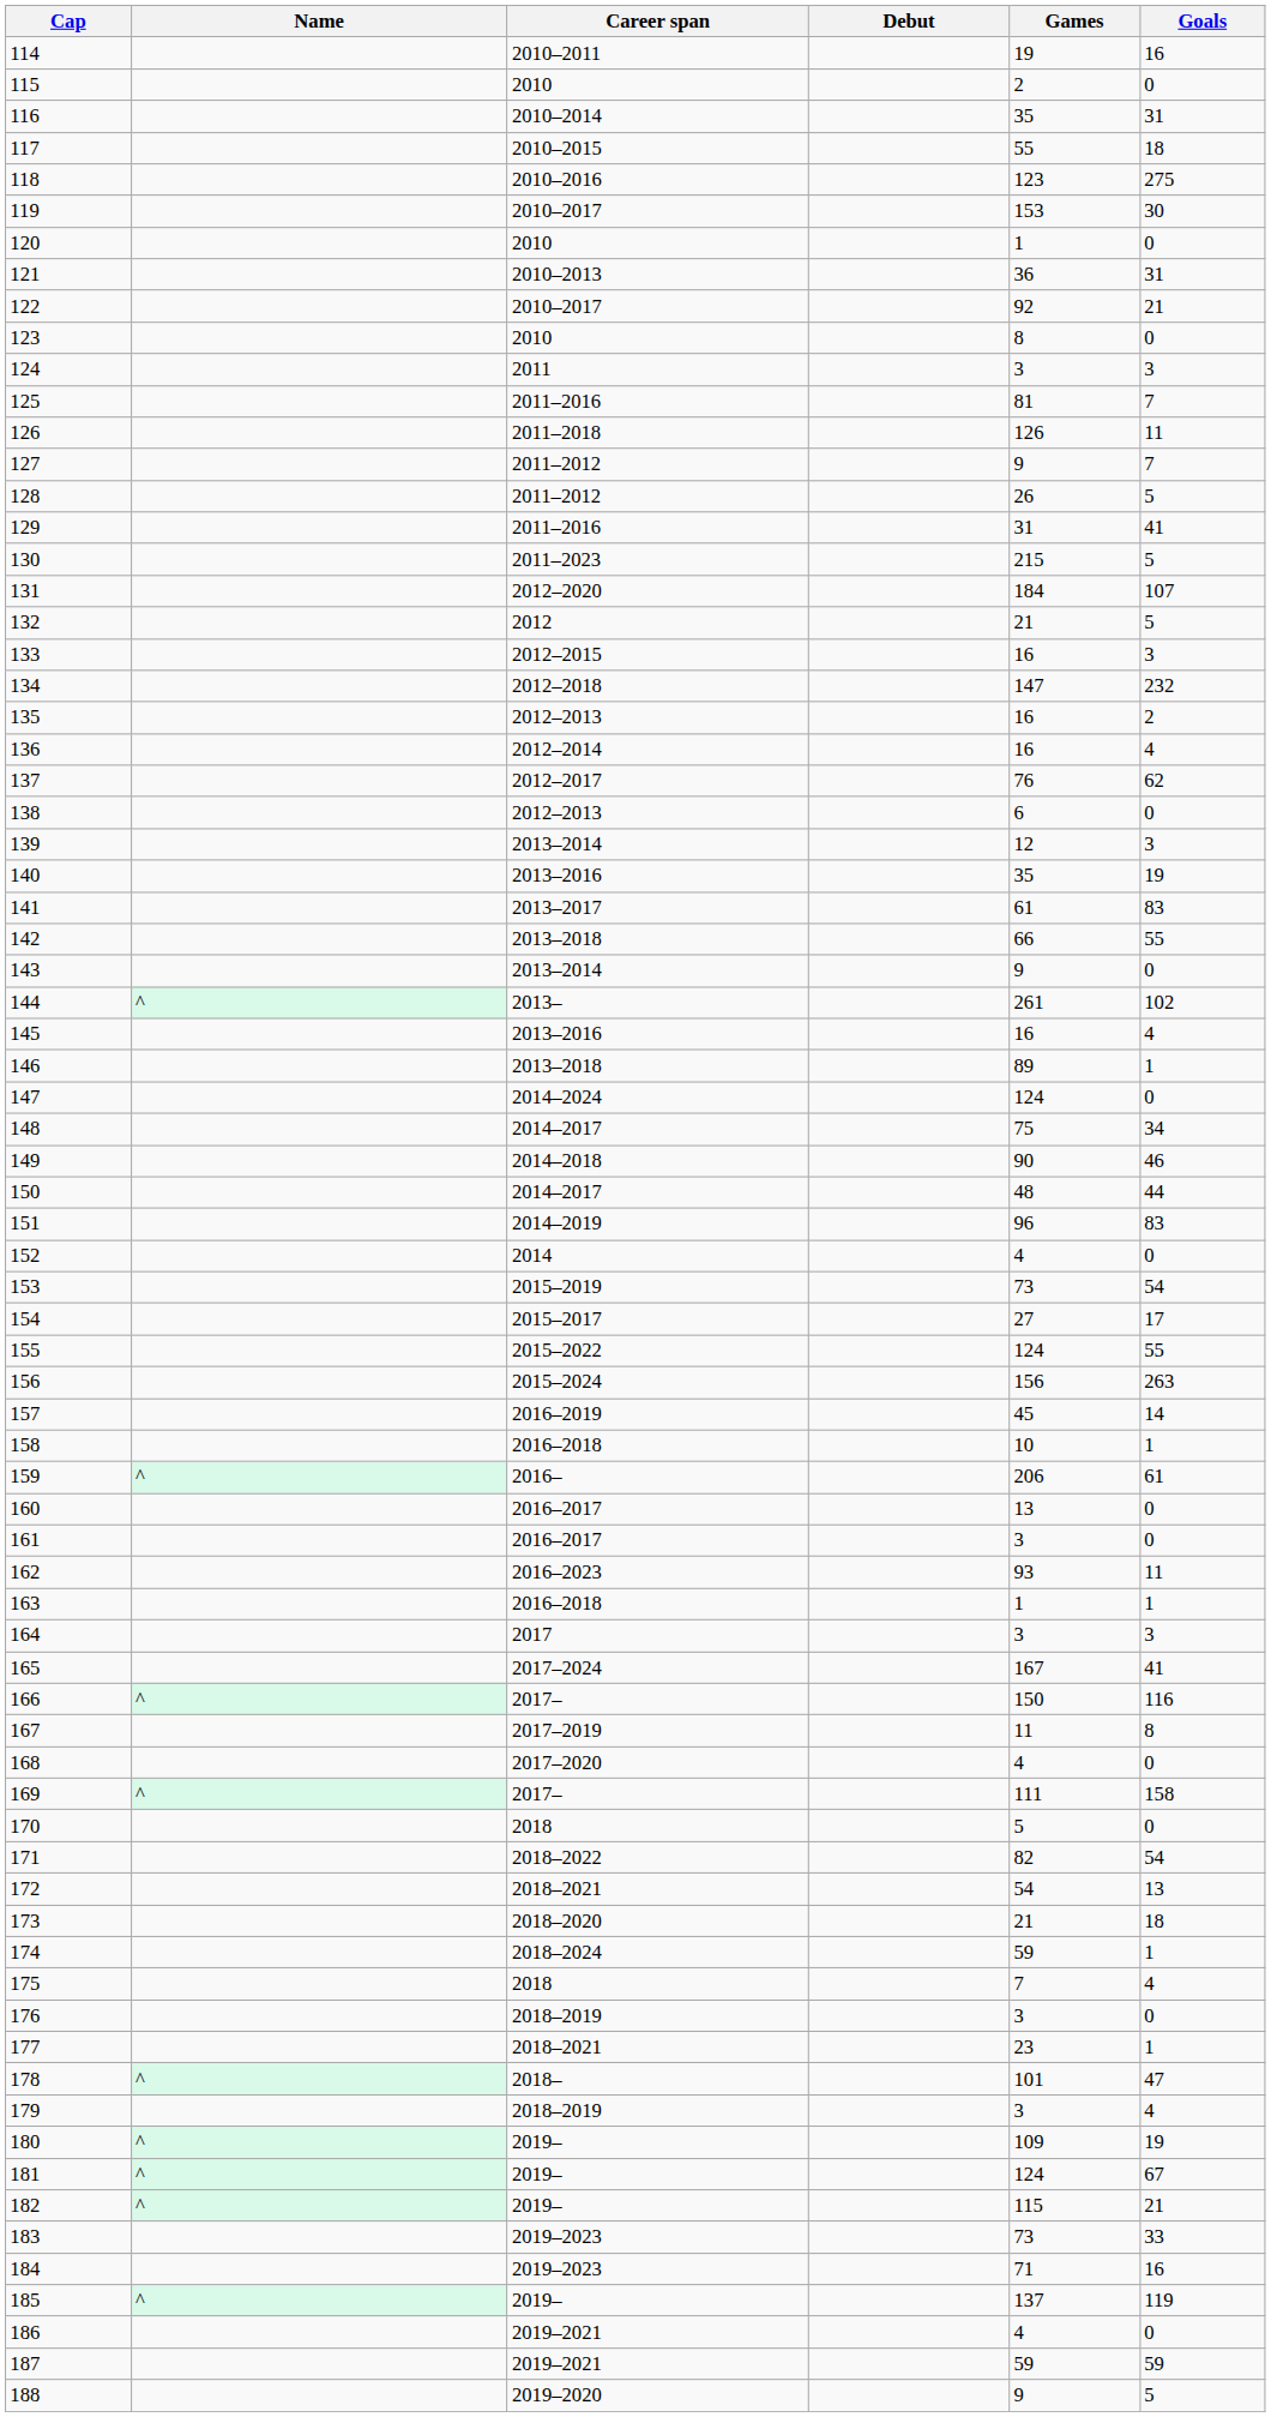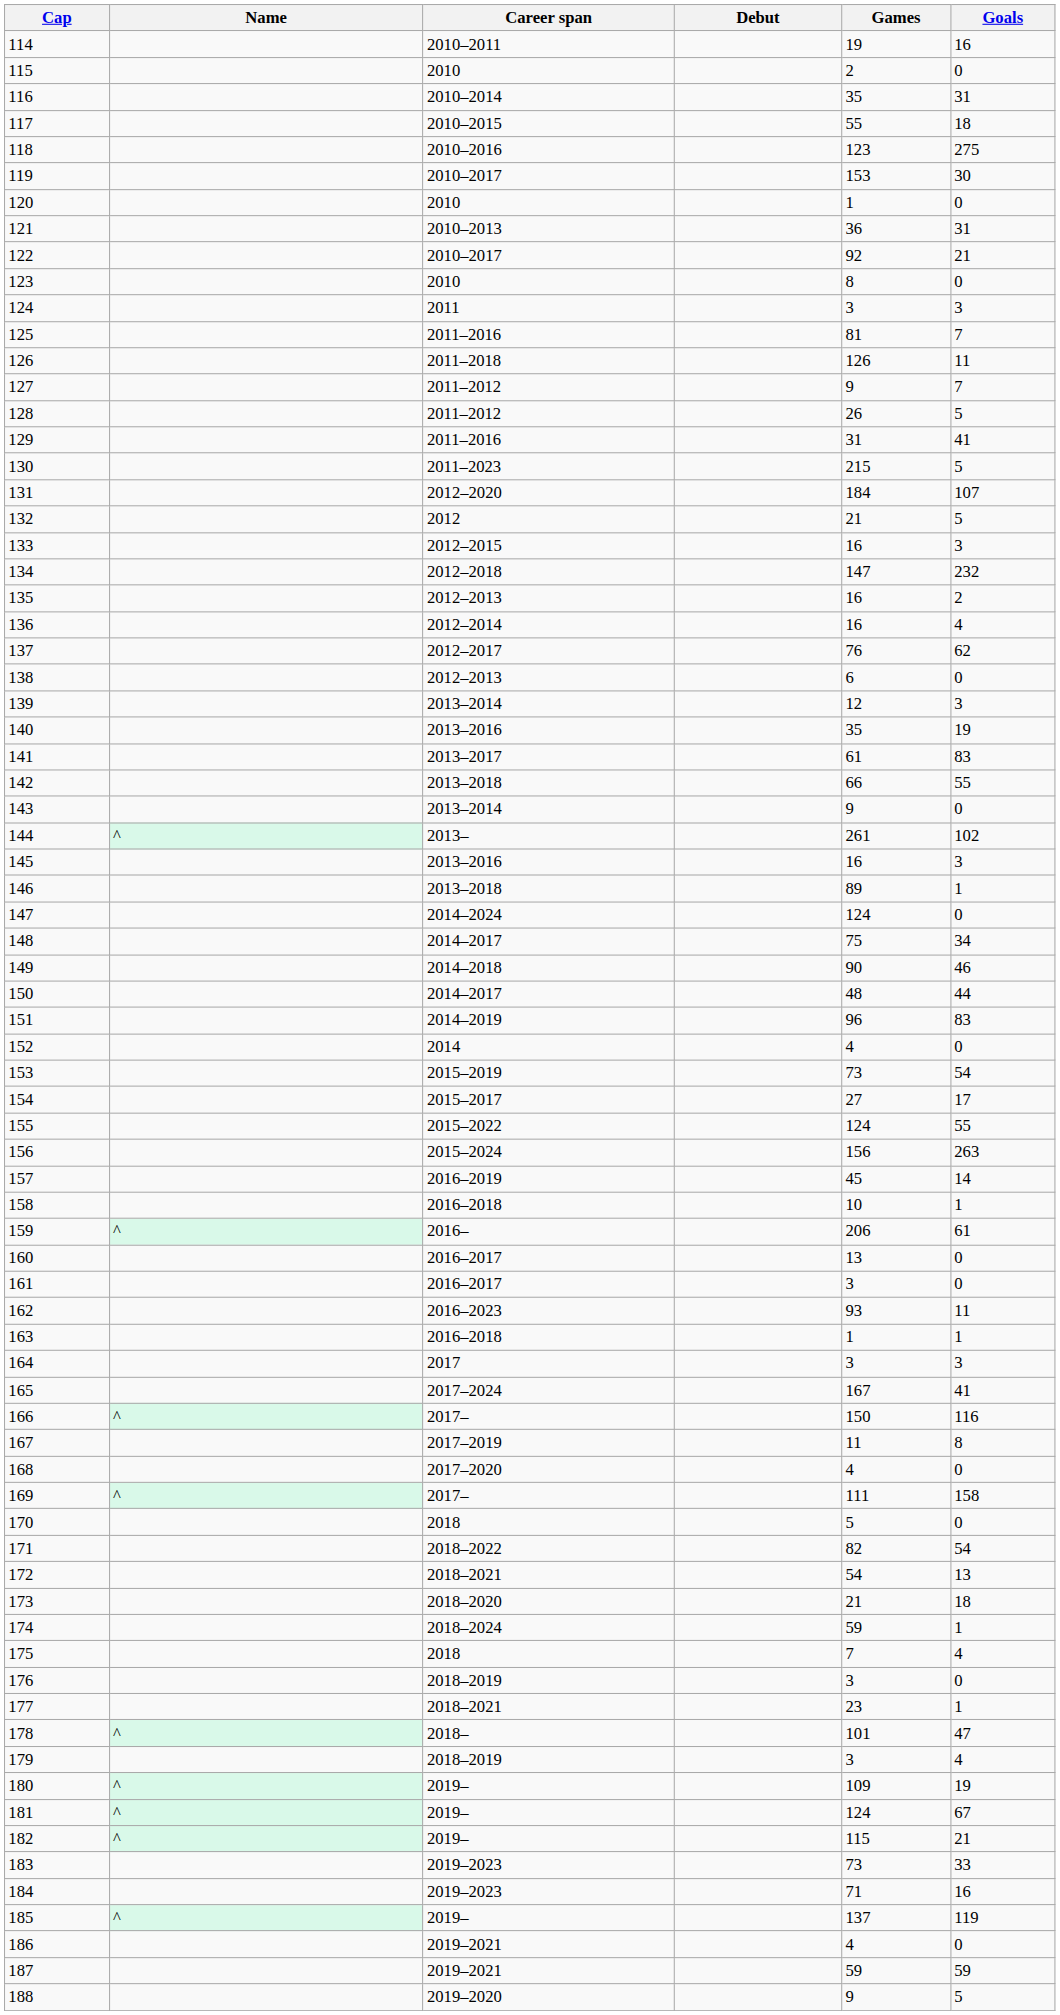 <table class="wikitable sortable" style="width:80%;">
 <tr style="background:#efefef;">
 <th style="width:5%;"><a href='#'>Cap</a></th>
 <th style="width:15%;">Name</th>
 <th style="width:12%;">Career span</th>
 <th style="width:8%;">Debut</th>
 <th style="width:5%;">Games</th>
 <th style="width:5%;"><a href='#'>Goals</a></th>
 </tr>
 <tr>
 <td>114</td>
 <td style="text-align:left;"></td>
 <td>2010–2011</td>
 <td></td>
 <td>19</td>
 <td>16</td>
 </tr>
 <tr>
 <td>115</td>
 <td style="text-align:left;"></td>
 <td>2010</td>
 <td></td>
 <td>2</td>
 <td>0</td>
 </tr>
 <tr>
 <td>116</td>
 <td style="text-align:left;"></td>
 <td>2010–2014</td>
 <td></td>
 <td>35</td>
 <td>31</td>
 </tr>
 <tr>
 <td>117</td>
 <td style="text-align:left;"></td>
 <td>2010–2015</td>
 <td></td>
 <td>55</td>
 <td>18</td>
 </tr>
 <tr>
 <td>118</td>
 <td style="text-align:left;"></td>
 <td>2010–2016</td>
 <td></td>
 <td>123</td>
 <td>275</td>
 </tr>
 <tr>
 <td>119</td>
 <td style="text-align:left;"></td>
 <td>2010–2017</td>
 <td></td>
 <td>153</td>
 <td>30</td>
 </tr>
 <tr>
 <td>120</td>
 <td style="text-align:left;"></td>
 <td>2010</td>
 <td></td>
 <td>1</td>
 <td>0</td>
 </tr>
 <tr>
 <td>121</td>
 <td style="text-align:left;"></td>
 <td>2010–2013</td>
 <td></td>
 <td>36</td>
 <td>31</td>
 </tr>
 <tr>
 <td>122</td>
 <td style="text-align:left;"></td>
 <td>2010–2017</td>
 <td></td>
 <td>92</td>
 <td>21</td>
 </tr>
 <tr>
 <td>123</td>
 <td style="text-align:left;"></td>
 <td>2010</td>
 <td></td>
 <td>8</td>
 <td>0</td>
 </tr>
 <tr>
 <td>124</td>
 <td style="text-align:left;"></td>
 <td>2011</td>
 <td></td>
 <td>3</td>
 <td>3</td>
 </tr>
 <tr>
 <td>125</td>
 <td style="text-align:left;"></td>
 <td>2011–2016</td>
 <td></td>
 <td>81</td>
 <td>7</td>
 </tr>
 <tr>
 <td>126</td>
 <td style="text-align:left"></td>
 <td>2011–2018</td>
 <td></td>
 <td>126</td>
 <td>11</td>
 </tr>
 <tr>
 <td>127</td>
 <td style="text-align:left;"></td>
 <td>2011–2012</td>
 <td></td>
 <td>9</td>
 <td>7</td>
 </tr>
 <tr>
 <td>128</td>
 <td style="text-align:left;"></td>
 <td>2011–2012</td>
 <td></td>
 <td>26</td>
 <td>5</td>
 </tr>
 <tr>
 <td>129</td>
 <td style="text-align:left;"></td>
 <td>2011–2016</td>
 <td></td>
 <td>31</td>
 <td>41</td>
 </tr>
 <tr>
 <td>130</td>
 <td style="text-align:left">  </td>
 <td>2011–2023</td>
 <td></td>
 <td>215</td>
 <td>5</td>
 </tr>
 <tr>
 <td>131</td>
 <td style="text-align:left;"></td>
 <td>2012–2020</td>
 <td></td>
 <td>184</td>
 <td>107</td>
 </tr>
 <tr>
 <td>132</td>
 <td style="text-align:left;"></td>
 <td>2012</td>
 <td></td>
 <td>21</td>
 <td>5</td>
 </tr>
 <tr>
 <td>133</td>
 <td style="text-align:left;"></td>
 <td>2012–2015</td>
 <td></td>
 <td>16</td>
 <td>3</td>
 </tr>
 <tr>
 <td>134</td>
 <td style="text-align:left"> </td>
 <td>2012–2018</td>
 <td></td>
 <td>147</td>
 <td>232</td>
 </tr>
 <tr>
 <td>135</td>
 <td style="text-align:left;"></td>
 <td>2012–2013</td>
 <td></td>
 <td>16</td>
 <td>2</td>
 </tr>
 <tr>
 <td>136</td>
 <td style="text-align:left;"></td>
 <td>2012–2014</td>
 <td></td>
 <td>16</td>
 <td>4</td>
 </tr>
 <tr>
 <td>137</td>
 <td style="text-align:left;"></td>
 <td>2012–2017</td>
 <td></td>
 <td>76</td>
 <td>62</td>
 </tr>
 <tr>
 <td>138</td>
 <td style="text-align:left;"></td>
 <td>2012–2013</td>
 <td></td>
 <td>6</td>
 <td>0</td>
 </tr>
 <tr>
 <td>139</td>
 <td style="text-align:left;"></td>
 <td>2013–2014</td>
 <td></td>
 <td>12</td>
 <td>3</td>
 </tr>
 <tr>
 <td>140</td>
 <td style="text-align:left;"></td>
 <td>2013–2016</td>
 <td></td>
 <td>35</td>
 <td>19</td>
 </tr>
 <tr>
 <td>141</td>
 <td style="text-align:left;"></td>
 <td>2013–2017</td>
 <td></td>
 <td>61</td>
 <td>83</td>
 </tr>
 <tr>
 <td>142</td>
 <td style="text-align:left"> </td>
 <td>2013–2018</td>
 <td></td>
 <td>66</td>
 <td>55</td>
 </tr>
 <tr>
 <td>143</td>
 <td style="text-align:left;"></td>
 <td>2013–2014</td>
 <td></td>
 <td>9</td>
 <td>0</td>
 </tr>
 <tr>
 <td>144</td>
 <td style="text-align:left; background:#d9f9e9">^ </td>
 <td>2013–</td>
 <td></td>
 <td>261</td>
 <td>102</td>
 </tr>
 <tr>
 <td>145</td>
 <td style="text-align:left;"></td>
 <td>2013–2016</td>
 <td></td>
 <td>16</td>
-<td>4</td>
+<td>3</td>
 </tr>
 <tr>
 <td>146</td>
 <td style="text-align:left"></td>
 <td>2013–2018</td>
 <td></td>
 <td>89</td>
 <td>1</td>
 </tr>
 <tr>
 <td>147</td>
 <td style="text-align:left"></td>
 <td>2014–2024</td>
 <td></td>
 <td>124</td>
 <td>0</td>
 </tr>
 <tr>
 <td>148</td>
 <td style="text-align:left;"> </td>
 <td>2014–2017</td>
 <td></td>
 <td>75</td>
 <td>34</td>
 </tr>
 <tr>
 <td>149</td>
 <td style="text-align:left"></td>
 <td>2014–2018</td>
 <td></td>
 <td>90</td>
 <td>46</td>
 </tr>
 <tr>
 <td>150</td>
 <td style="text-align:left;"></td>
 <td>2014–2017</td>
 <td></td>
 <td>48</td>
 <td>44</td>
 </tr>
 <tr>
 <td>151</td>
 <td style="text-align:left;"></td>
 <td>2014–2019</td>
 <td></td>
 <td>96</td>
 <td>83</td>
 </tr>
 <tr>
 <td>152</td>
 <td style="text-align:left;"></td>
 <td>2014</td>
 <td></td>
 <td>4</td>
 <td>0</td>
 </tr>
 <tr>
 <td>153</td>
 <td style="text-align:left;"> </td>
 <td>2015–2019</td>
 <td></td>
 <td>73</td>
 <td>54</td>
 </tr>
 <tr>
 <td>154</td>
 <td style="text-align:left;"> </td>
 <td>2015–2017</td>
 <td></td>
 <td>27</td>
 <td>17</td>
 </tr>
 <tr>
 <td>155</td>
 <td style="text-align:left"> </td>
 <td>2015–2022</td>
 <td></td>
 <td>124</td>
 <td>55</td>
 </tr>
 <tr>
 <td>156</td>
 <td style="text-align:left"></td>
 <td>2015–2024</td>
 <td></td>
 <td>156</td>
 <td>263</td>
 </tr>
 <tr>
 <td>157</td>
 <td style="text-align:left;"></td>
 <td>2016–2019</td>
 <td></td>
 <td>45</td>
 <td>14</td>
 </tr>
 <tr>
 <td>158</td>
 <td style="text-align:left;"></td>
 <td>2016–2018</td>
 <td></td>
 <td>10</td>
 <td>1</td>
 </tr>
 <tr>
 <td>159</td>
 <td style="text-align:left; background:#d9f9e9">^</td>
 <td>2016–</td>
 <td></td>
 <td>206</td>
 <td>61</td>
 </tr>
 <tr>
 <td>160</td>
 <td style="text-align:left;"></td>
 <td>2016–2017</td>
 <td></td>
 <td>13</td>
 <td>0</td>
 </tr>
 <tr>
 <td>161</td>
 <td style="text-align:left;"></td>
 <td>2016–2017</td>
 <td></td>
 <td>3</td>
 <td>0</td>
 </tr>
 <tr>
 <td>162</td>
 <td style="text-align:left;"></td>
 <td>2016–2023</td>
 <td></td>
 <td>93</td>
 <td>11</td>
 </tr>
 <tr>
 <td>163</td>
 <td style="text-align:left;"></td>
 <td>2016–2018</td>
 <td></td>
 <td>1</td>
 <td>1</td>
 </tr>
 <tr>
 <td>164</td>
 <td style="text-align:left;"></td>
 <td>2017</td>
 <td></td>
 <td>3</td>
 <td>3</td>
 </tr>
 <tr>
 <td>165</td>
 <td style="text-align:left"></td>
 <td>2017–2024</td>
 <td></td>
 <td>167</td>
 <td>41</td>
 </tr>
 <tr>
 <td>166</td>
 <td style="text-align:left; background:#d9f9e9">^ </td>
 <td>2017–</td>
 <td></td>
 <td>150</td>
 <td>116</td>
 </tr>
 <tr>
 <td>167</td>
 <td style="text-align:left;"> </td>
 <td>2017–2019</td>
 <td></td>
 <td>11</td>
 <td>8</td>
 </tr>
 <tr>
 <td>168</td>
 <td style="text-align:left;"></td>
 <td>2017–2020</td>
 <td></td>
 <td>4</td>
 <td>0</td>
 </tr>
 <tr>
 <td>169</td>
 <td style="text-align:left; background:#d9f9e9">^</td>
 <td>2017–</td>
 <td></td>
 <td>111</td>
 <td>158</td>
 </tr>
 <tr>
 <td>170</td>
 <td style="text-align:left"> </td>
 <td>2018</td>
 <td></td>
 <td>5</td>
 <td>0</td>
 </tr>
 <tr>
 <td>171</td>
 <td style="text-align:left"> </td>
 <td>2018–2022</td>
 <td></td>
 <td>82</td>
 <td>54</td>
 </tr>
 <tr>
 <td>172</td>
 <td style="text-align:left;"></td>
 <td>2018–2021</td>
 <td></td>
 <td>54</td>
 <td>13</td>
 </tr>
 <tr>
 <td>173</td>
 <td style="text-align:left;"></td>
 <td>2018–2020</td>
 <td></td>
 <td>21</td>
 <td>18</td>
 </tr>
 <tr>
 <td>174</td>
 <td style="text-align:left"></td>
 <td>2018–2024</td>
 <td></td>
 <td>59</td>
 <td>1</td>
 </tr>
 <tr>
 <td>175</td>
 <td style="text-align:left;">  </td>
 <td>2018</td>
 <td></td>
 <td>7</td>
 <td>4</td>
 </tr>
 <tr>
 <td>176</td>
 <td style="text-align:left;"></td>
 <td>2018–2019</td>
 <td></td>
 <td>3</td>
 <td>0</td>
 </tr>
 <tr>
 <td>177</td>
 <td style="text-align:left;"></td>
 <td>2018–2021</td>
 <td></td>
 <td>23</td>
 <td>1</td>
 </tr>
 <tr>
 <td>178</td>
 <td style="text-align:left; background:#d9f9e9">^</td>
 <td>2018–</td>
 <td></td>
 <td>101</td>
 <td>47</td>
 </tr>
 <tr>
 <td>179</td>
 <td style="text-align:left"></td>
 <td>2018–2019</td>
 <td></td>
 <td>3</td>
 <td>4</td>
 </tr>
 <tr>
 <td>180</td>
 <td style="text-align:left; background:#d9f9e9">^</td>
 <td>2019–</td>
 <td></td>
 <td>109</td>
 <td>19</td>
 </tr>
 <tr>
 <td>181</td>
 <td style="text-align:left; background:#d9f9e9">^</td>
 <td>2019–</td>
 <td></td>
 <td>124</td>
 <td>67</td>
 </tr>
 <tr>
 <td>182</td>
 <td style="text-align:left; background:#d9f9e9">^</td>
 <td>2019–</td>
 <td></td>
 <td>115</td>
 <td>21</td>
 </tr>
 <tr>
 <td>183</td>
 <td style="text-align:left"></td>
 <td>2019–2023</td>
 <td></td>
 <td>73</td>
 <td>33</td>
 </tr>
 <tr>
 <td>184</td>
 <td style="text-align:left"></td>
 <td>2019–2023</td>
 <td></td>
 <td>71</td>
 <td>16</td>
 </tr>
 <tr>
 <td>185</td>
 <td style="text-align:left; background:#d9f9e9">^ </td>
 <td>2019–</td>
 <td></td>
 <td>137</td>
 <td>119</td>
 </tr>
 <tr>
 <td>186</td>
 <td style="text-align:left"></td>
 <td>2019–2021</td>
 <td></td>
 <td>4</td>
 <td>0</td>
 </tr>
 <tr>
 <td>187</td>
 <td style="text-align:left"></td>
 <td>2019–2021</td>
 <td></td>
 <td>59</td>
 <td>59</td>
 </tr>
 <tr>
 <td>188</td>
 <td style="text-align:left"></td>
 <td>2019–2020</td>
 <td></td>
 <td>9</td>
 <td>5</td>
 </tr>
 </table>
